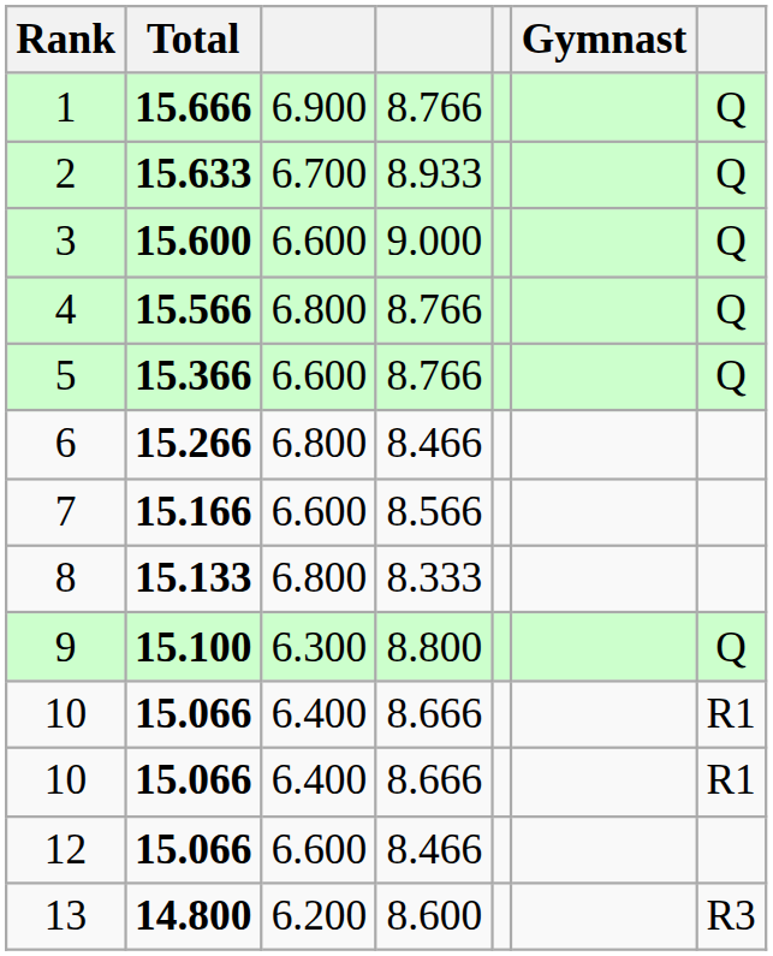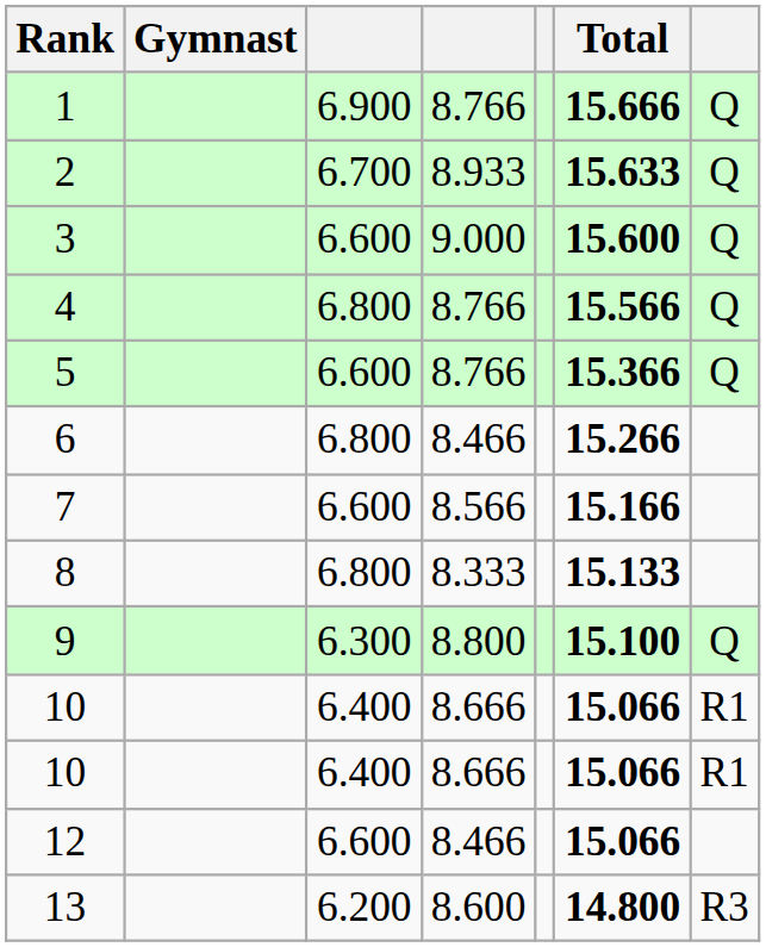 <table class="wikitable sortable" style="text-align:center">
 <tr>
 <th>Rank</th>
-<th>Total</th>
+<th>Gymnast</th>
 <th><small></small></th>
 <th><small></small></th>
 <th><small></small></th>
-<th>Gymnast</th>
+<th>Total</th>
 <th><small></small></th>
 </tr>
 <tr bgcolor=ccffcc>
 <td>1</td>
-<td><strong>15.666</strong></td>
+<td align=left></td>
 <td>6.900</td>
 <td>8.766</td>
 <td></td>
-<td align=left></td>
+<td><strong>15.666</strong></td>
 <td>Q</td>
 </tr>
 <tr bgcolor=ccffcc>
 <td>2</td>
-<td><strong>15.633</strong></td>
+<td align=left></td>
 <td>6.700</td>
 <td>8.933</td>
 <td></td>
-<td align=left></td>
+<td><strong>15.633</strong></td>
 <td>Q</td>
 </tr>
 <tr bgcolor=ccffcc>
 <td>3</td>
-<td><strong>15.600</strong></td>
+<td align=left></td>
 <td>6.600</td>
 <td>9.000</td>
 <td></td>
-<td align=left></td>
+<td><strong>15.600</strong></td>
 <td>Q</td>
 </tr>
 <tr bgcolor=ccffcc>
 <td>4</td>
-<td><strong>15.566</strong></td>
+<td align=left></td>
 <td>6.800</td>
 <td>8.766</td>
 <td></td>
-<td align=left></td>
+<td><strong>15.566</strong></td>
 <td>Q</td>
 </tr>
 <tr bgcolor=ccffcc>
 <td>5</td>
-<td><strong>15.366</strong></td>
+<td align=left></td>
 <td>6.600</td>
 <td>8.766</td>
 <td></td>
-<td align=left></td>
+<td><strong>15.366</strong></td>
 <td>Q</td>
 </tr>
 <tr>
 <td>6</td>
-<td><strong>15.266</strong></td>
+<td align=left></td>
 <td>6.800</td>
 <td>8.466</td>
 <td></td>
-<td align=left></td>
+<td><strong>15.266</strong></td>
 <td></td>
 </tr>
 <tr>
 <td>7</td>
-<td><strong>15.166</strong></td>
+<td align=left></td>
 <td>6.600</td>
 <td>8.566</td>
 <td></td>
-<td align=left></td>
+<td><strong>15.166</strong></td>
 <td></td>
 </tr>
 <tr>
 <td>8</td>
-<td><strong>15.133</strong></td>
+<td align=left></td>
 <td>6.800</td>
 <td>8.333</td>
 <td></td>
-<td align=left></td>
+<td><strong>15.133</strong></td>
 <td></td>
 </tr>
 <tr bgcolor=ccffcc>
 <td>9</td>
-<td><strong>15.100</strong></td>
+<td align=left></td>
 <td>6.300</td>
 <td>8.800</td>
 <td></td>
-<td align=left></td>
+<td><strong>15.100</strong></td>
 <td>Q</td>
 </tr>
 <tr>
 <td>10</td>
-<td><strong>15.066</strong></td>
+<td align=left></td>
 <td>6.400</td>
 <td>8.666</td>
 <td></td>
-<td align=left></td>
+<td><strong>15.066</strong></td>
 <td>R1</td>
 </tr>
 <tr>
 <td>10</td>
-<td><strong>15.066</strong></td>
+<td align=left></td>
 <td>6.400</td>
 <td>8.666</td>
 <td></td>
-<td align=left></td>
+<td><strong>15.066</strong></td>
 <td>R1</td>
 </tr>
 <tr>
 <td>12</td>
-<td><strong>15.066</strong></td>
+<td align=left></td>
 <td>6.600</td>
 <td>8.466</td>
 <td></td>
-<td align=left></td>
+<td><strong>15.066</strong></td>
 <td></td>
 </tr>
 <tr>
 <td>13</td>
-<td><strong>14.800</strong></td>
+<td align=left></td>
 <td>6.200</td>
 <td>8.600</td>
 <td></td>
-<td align=left></td>
+<td><strong>14.800</strong></td>
 <td>R3</td>
 </tr>
 </table>
